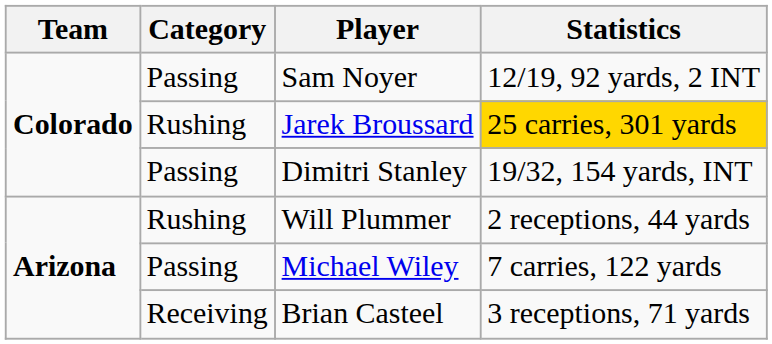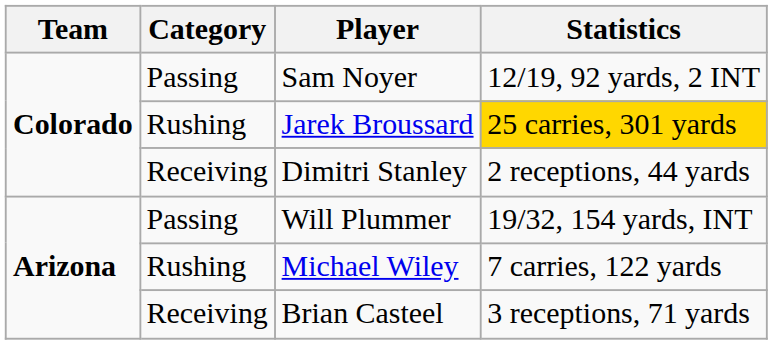 <table class="wikitable" style="float: right;">
 <tr>
 <th>Team</th>
 <th>Category</th>
 <th>Player</th>
 <th>Statistics</th>
 </tr>
 <tr>
 <td rowspan=3><strong>Colorado</strong></td>
 <td>Passing</td>
 <td>Sam Noyer</td>
 <td>12/19, 92 yards, 2 INT</td>
 </tr>
 <tr>
 <td>Rushing</td>
 <td><a href='#'>Jarek Broussard</a></td>
 <td style="background: gold;">25 carries, 301 yards</td>
 </tr>
 <tr>
+<td>Receiving</td>
+<td>Dimitri Stanley</td>
+<td>2 receptions, 44 yards</td>
+</tr>
+<tr>
+<td rowspan=3><strong>Arizona</strong></td>
 <td>Passing</td>
-<td>Dimitri Stanley</td>
+<td>Will Plummer</td>
 <td>19/32, 154 yards, INT</td>
 </tr>
 <tr>
-<td rowspan=3><strong>Arizona</strong></td>
 <td>Rushing</td>
-<td>Will Plummer</td>
-<td>2 receptions, 44 yards</td>
-</tr>
-<tr>
-<td>Passing</td>
 <td><a href='#'>Michael Wiley</a></td>
 <td>7 carries, 122 yards</td>
 </tr>
 <tr>
 <td>Receiving</td>
 <td>Brian Casteel</td>
 <td>3 receptions, 71 yards</td>
 </tr>
 </table>
